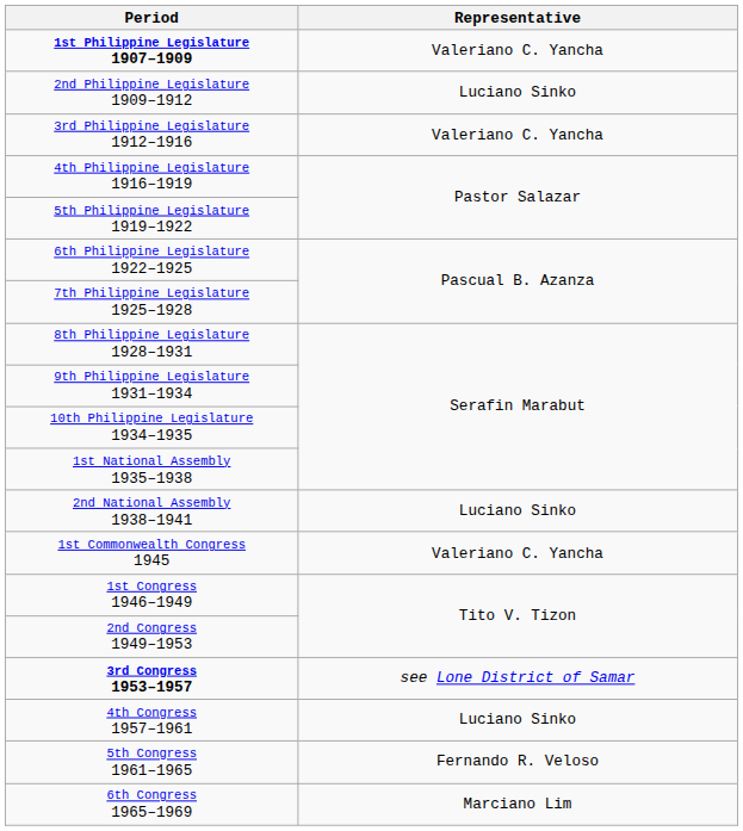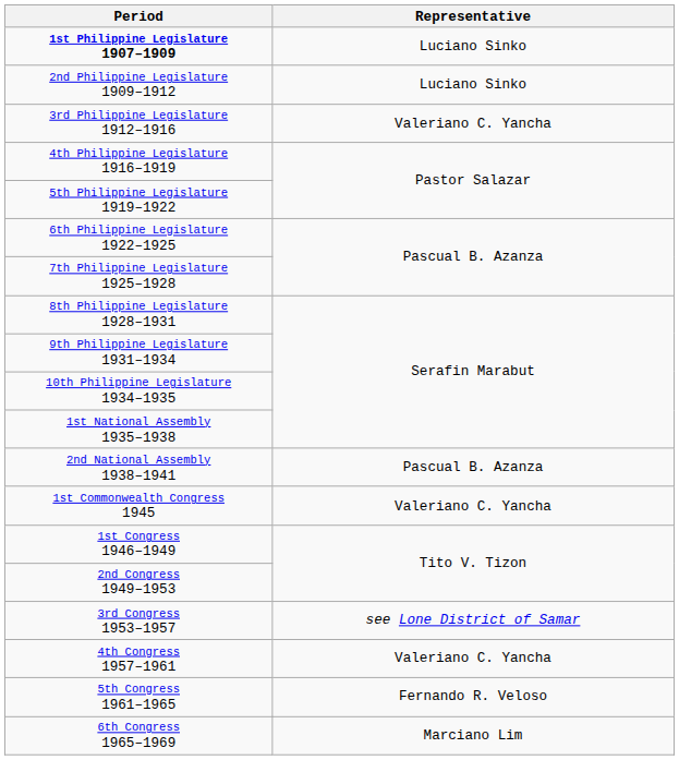 <table class="wikitable" style="text-align:center; width:40%;">
 <tr>
 <th width="40%">Period</th>
 <th>Representative</th>
 </tr>
 <tr>
 <td><strong><small><a href='#'>1st Philippine Legislature</a></small><br>1907–1909</strong></td>
-<td>Valeriano C. Yancha</td>
+<td>Luciano Sinko</td>
 </tr>
 <tr>
 <td><small><a href='#'>2nd Philippine Legislature</a></small><br>1909–1912</td>
 <td>Luciano Sinko</td>
 </tr>
 <tr>
 <td><small><a href='#'>3rd Philippine Legislature</a></small><br>1912–1916</td>
 <td>Valeriano C. Yancha</td>
 </tr>
 <tr>
 <td><small><a href='#'>4th Philippine Legislature</a></small><br>1916–1919</td>
 <td rowspan="2">Pastor Salazar</td>
 </tr>
 <tr>
 <td><small><a href='#'>5th Philippine Legislature</a></small><br>1919–1922</td>
 </tr>
 <tr>
 <td><small><a href='#'>6th Philippine Legislature</a></small><br>1922–1925</td>
 <td rowspan="2">Pascual B. Azanza</td>
 </tr>
 <tr>
 <td><small><a href='#'>7th Philippine Legislature</a></small><br>1925–1928</td>
 </tr>
 <tr>
 <td><small><a href='#'>8th Philippine Legislature</a></small><br>1928–1931</td>
 <td rowspan="4">Serafin Marabut</td>
 </tr>
 <tr>
 <td><small><a href='#'>9th Philippine Legislature</a></small><br>1931–1934</td>
 </tr>
 <tr>
 <td><small><a href='#'>10th Philippine Legislature</a></small><br>1934–1935</td>
 </tr>
 <tr>
 <td><small><a href='#'>1st National Assembly</a></small><br>1935–1938</td>
 </tr>
 <tr>
 <td><small><a href='#'>2nd National Assembly</a></small><br>1938–1941</td>
-<td>Luciano Sinko</td>
+<td>Pascual B. Azanza</td>
 </tr>
 <tr>
 <td><small><a href='#'>1st Commonwealth Congress</a></small><br>1945</td>
 <td>Valeriano C. Yancha</td>
 </tr>
 <tr>
 <td><small><a href='#'>1st Congress</a></small><br>1946–1949</td>
 <td rowspan="2">Tito V. Tizon</td>
 </tr>
 <tr>
 <td><small><a href='#'>2nd Congress</a></small><br>1949–1953</td>
 </tr>
 <tr>
-<td><strong><small><a href='#'>3rd Congress</a></small><br>1953–1957</strong></td>
+<td><small><a href='#'>3rd Congress</a></small><br>1953–1957</td>
 <td><em>see <a href='#'>Lone District of Samar</a></em></td>
 </tr>
 <tr>
 <td><small><a href='#'>4th Congress</a></small><br>1957–1961</td>
-<td>Luciano Sinko</td>
+<td>Valeriano C. Yancha</td>
 </tr>
 <tr>
 <td><small><a href='#'>5th Congress</a></small><br>1961–1965</td>
 <td rowspan="2">Fernando R. Veloso</td>
 </tr>
 <tr>
 <td rowspan="2"><small><a href='#'>6th Congress</a></small><br>1965–1969</td>
 </tr>
 <tr>
 <td>Marciano Lim</td>
 </tr>
 </table>
